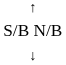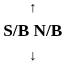 <table style="text-align:center;">
 <tr>
 <td><small>  ↑ </small></td>
 </tr>
 <tr>
-<td> <span>S/B N/B</span> </td>
+<td><strong> <span>S/B N/B</span> </strong></td>
 </tr>
 <tr>
 <td><small> ↓  </small></td>
 </tr>
 </table>
